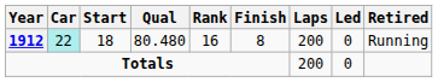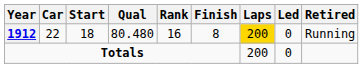 <table class="wikitable" style="text-align:center">
 <tr>
 <th>Year</th>
 <th>Car</th>
 <th>Start</th>
 <th>Qual</th>
 <th>Rank</th>
 <th>Finish</th>
 <th>Laps</th>
 <th>Led</th>
 <th>Retired</th>
 </tr>
 <tr>
 <th><a href='#'>1912</a></th>
-<td style="background: paleturquoise;">22</td>
+<td>22</td>
 <td>18</td>
 <td>80.480</td>
 <td>16</td>
 <td>8</td>
-<td>200</td>
+<td style="background: gold;">200</td>
 <td>0</td>
 <td>Running</td>
 </tr>
 <tr>
 <td colspan=6><strong>Totals</strong></td>
 <td>200</td>
 <td>0</td>
 <td></td>
 </tr>
 </table>
